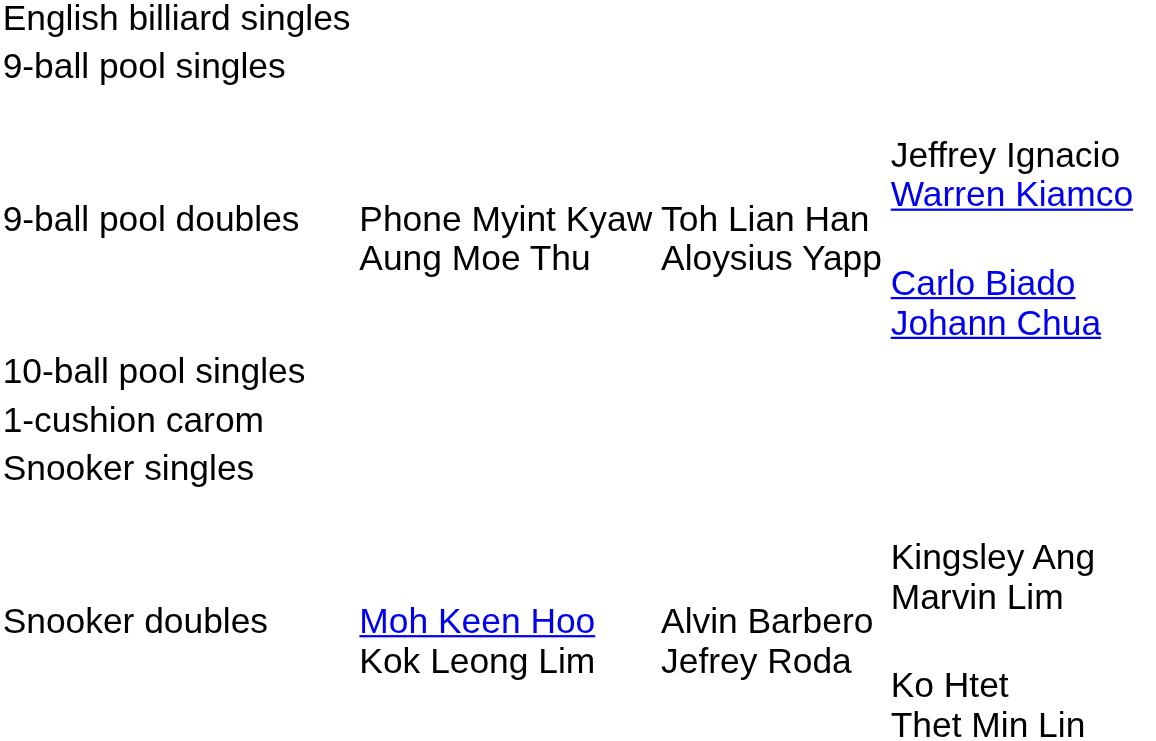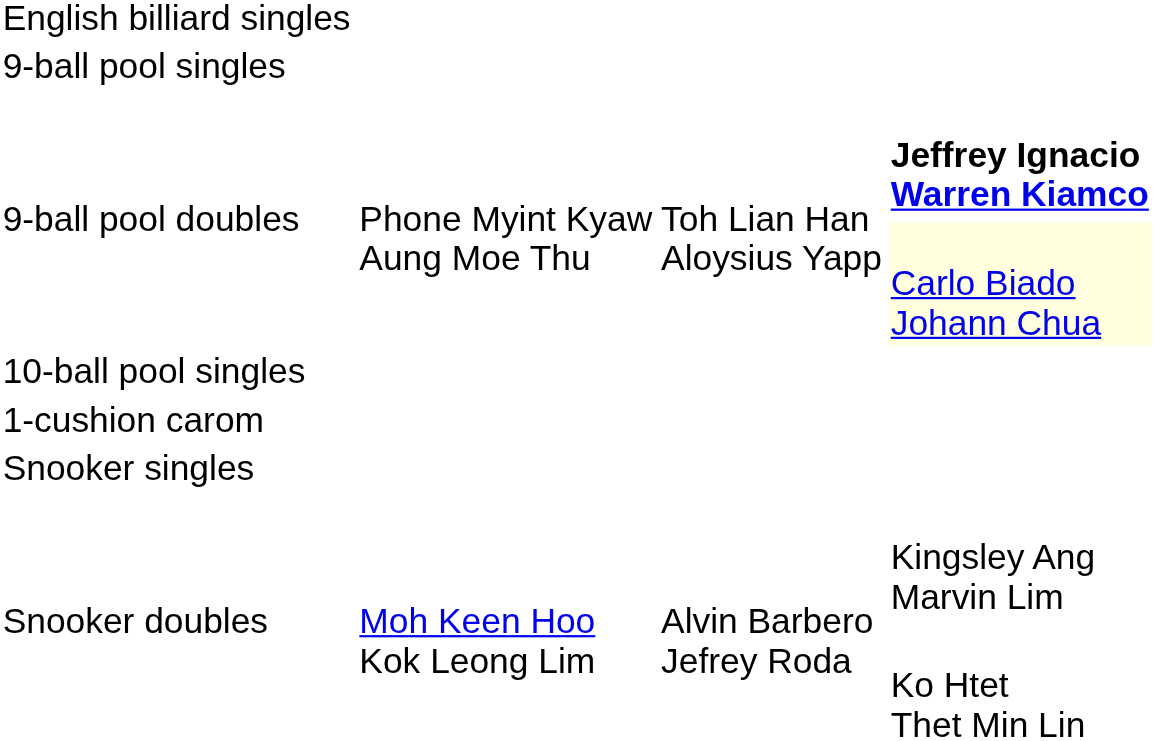 <table>
 <tr>
 <td rowspan=2>English billiard singles</td>
 <td rowspan=2></td>
 <td rowspan=2></td>
 <td></td>
 </tr>
 <tr>
 <td></td>
 </tr>
 <tr>
 <td rowspan=2>9-ball pool singles</td>
 <td rowspan=2></td>
 <td rowspan=2></td>
 <td></td>
 </tr>
 <tr>
 <td></td>
 </tr>
 <tr>
 <td rowspan=2>9-ball pool doubles</td>
 <td rowspan=2><br>Phone Myint Kyaw<br>Aung Moe Thu</td>
 <td rowspan=2><br>Toh Lian Han<br>Aloysius Yapp</td>
-<td><br>Jeffrey Ignacio<br><a href='#'>Warren Kiamco</a></td>
+<td><strong><br>Jeffrey Ignacio<br><a href='#'>Warren Kiamco</a></strong></td>
 </tr>
 <tr>
-<td><br><a href='#'>Carlo Biado</a><br><a href='#'>Johann Chua</a></td>
+<td style="background: lightyellow;"><br><a href='#'>Carlo Biado</a><br><a href='#'>Johann Chua</a></td>
 </tr>
 <tr>
 <td rowspan=2>10-ball pool singles</td>
 <td rowspan=2></td>
 <td rowspan=2></td>
 <td></td>
 </tr>
 <tr>
 <td></td>
 </tr>
 <tr>
 <td rowspan=2>1-cushion carom</td>
 <td rowspan=2></td>
 <td rowspan=2></td>
 <td></td>
 </tr>
 <tr>
 <td></td>
 </tr>
 <tr>
 <td rowspan=2>Snooker singles</td>
 <td rowspan=2></td>
 <td rowspan=2></td>
 <td></td>
 </tr>
 <tr>
 <td></td>
 </tr>
 <tr>
 <td rowspan=2>Snooker doubles</td>
 <td rowspan=2><br><a href='#'>Moh Keen Hoo</a><br>Kok Leong Lim</td>
 <td rowspan=2><br>Alvin Barbero<br>Jefrey Roda</td>
 <td><br>Kingsley Ang<br>Marvin Lim</td>
 </tr>
 <tr>
 <td><br>Ko Htet<br>Thet Min Lin</td>
 </tr>
 </table>
